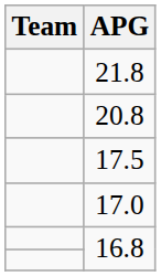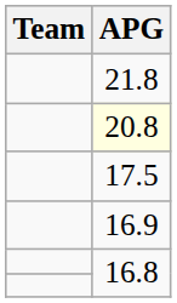 <table class=wikitable>
 <tr>
 <th>Team</th>
 <th>APG</th>
 </tr>
 <tr>
 <td></td>
 <td align=center>21.8</td>
 </tr>
 <tr>
 <td></td>
-<td align=center>20.8</td>
+<td align=center style="background: lightyellow;">20.8</td>
 </tr>
 <tr>
 <td></td>
 <td align=center>17.5</td>
 </tr>
 <tr>
 <td></td>
-<td align=center>17.0</td>
+<td align=center>16.9</td>
 </tr>
 <tr>
 <td></td>
 <td align=center rowspan=2>16.8</td>
 </tr>
 <tr>
 <td></td>
 </tr>
 </table>
